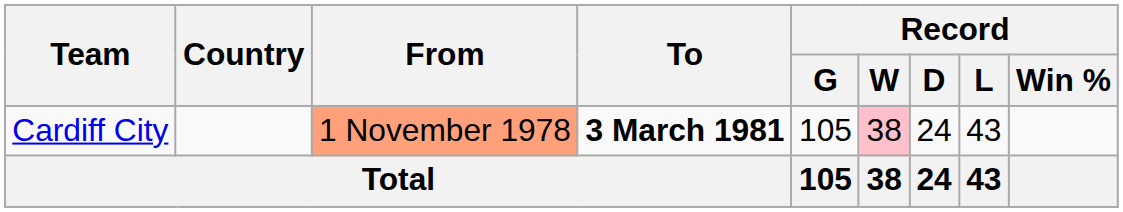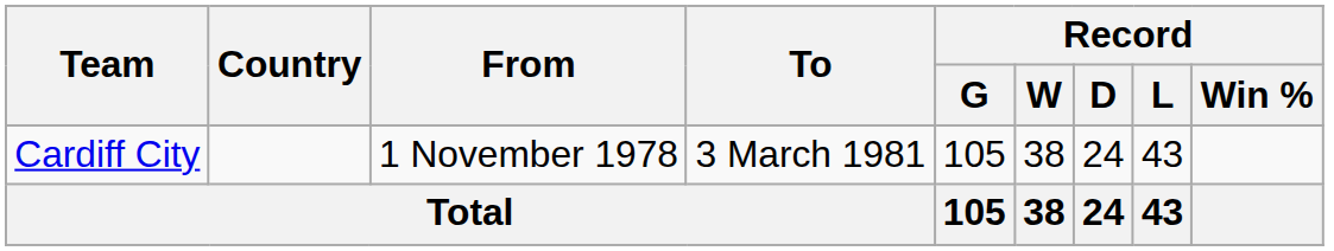 <table class="wikitable" style="text-align: center">
 <tr>
 <th rowspan="2">Team</th>
 <th rowspan="2">Country</th>
 <th rowspan="2">From</th>
 <th rowspan="2">To</th>
 <th colspan="6">Record</th>
 </tr>
 <tr>
 <th>G</th>
 <th>W</th>
 <th>D</th>
 <th>L</th>
 <th>Win %</th>
 </tr>
 <tr>
 <td align=left><a href='#'>Cardiff City</a></td>
 <td></td>
-<td align=left style="background: lightsalmon;">1 November 1978</td>
-<td align=left><strong>3 March 1981</strong></td>
+<td align=left>1 November 1978</td>
+<td align=left>3 March 1981</td>
 <td>105</td>
-<td style="background: pink;">38</td>
+<td>38</td>
 <td>24</td>
 <td>43</td>
 <td></td>
 </tr>
 <tr>
 <th colspan="4">Total</th>
 <th>105</th>
 <th>38</th>
 <th>24</th>
 <th>43</th>
 <th></th>
 </tr>
 </table>
